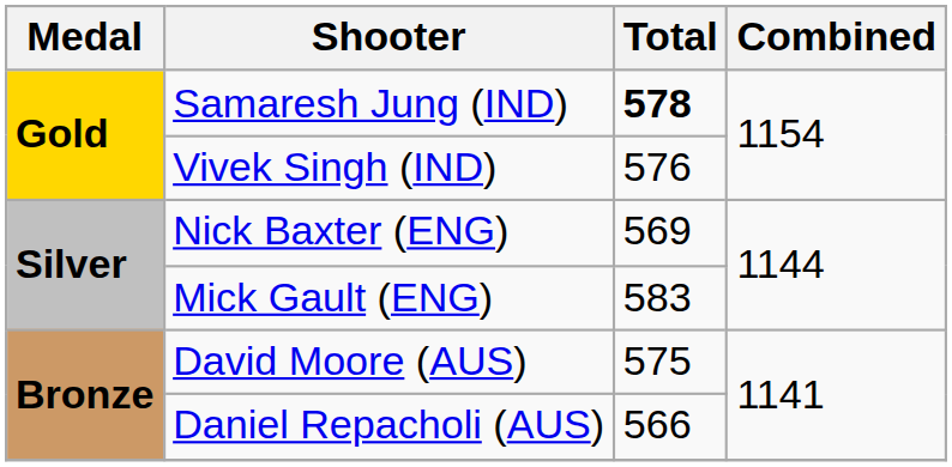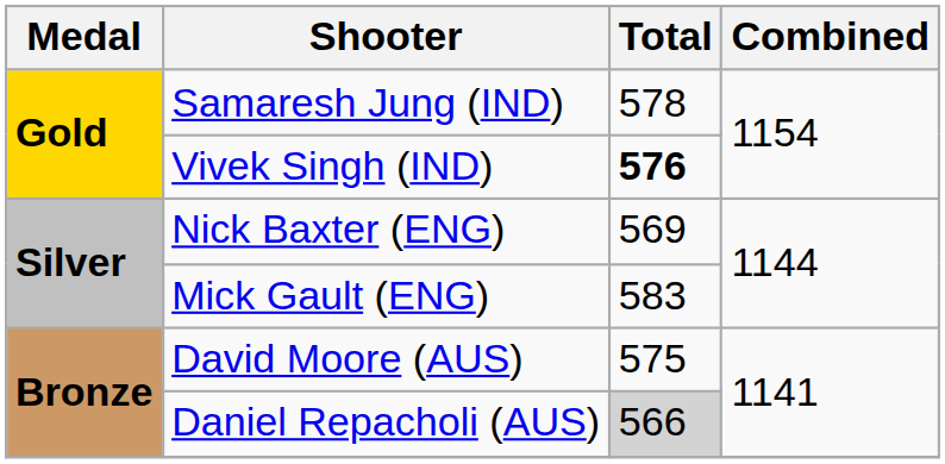 <table class="wikitable">
 <tr>
 <th>Medal</th>
 <th>Shooter</th>
 <th>Total</th>
 <th>Combined</th>
 </tr>
 <tr>
 <td rowspan="2" bgcolor="gold"><strong>Gold</strong></td>
 <td> <a href='#'>Samaresh Jung</a> (<a href='#'>IND</a>)</td>
-<td><strong>578</strong></td>
+<td>578</td>
 <td rowspan="2">1154</td>
 </tr>
 <tr>
 <td> <a href='#'>Vivek Singh</a> (<a href='#'>IND</a>)</td>
-<td>576</td>
+<td><strong>576</strong></td>
 </tr>
 <tr>
 <td rowspan="2" bgcolor="silver"><strong>Silver</strong></td>
 <td> <a href='#'>Nick Baxter</a> (<a href='#'>ENG</a>)</td>
 <td>569</td>
 <td rowspan="2">1144</td>
 </tr>
 <tr>
 <td> <a href='#'>Mick Gault</a> (<a href='#'>ENG</a>)</td>
 <td>583</td>
 </tr>
 <tr>
 <td rowspan="2" bgcolor="cc9966"><strong>Bronze</strong></td>
 <td> <a href='#'>David Moore</a> (<a href='#'>AUS</a>)</td>
 <td>575</td>
 <td rowspan="2">1141</td>
 </tr>
 <tr>
 <td> <a href='#'>Daniel Repacholi</a> (<a href='#'>AUS</a>)</td>
-<td>566</td>
+<td style="background: lightgrey;">566</td>
 </tr>
 <tr>
 </tr>
 </table>
